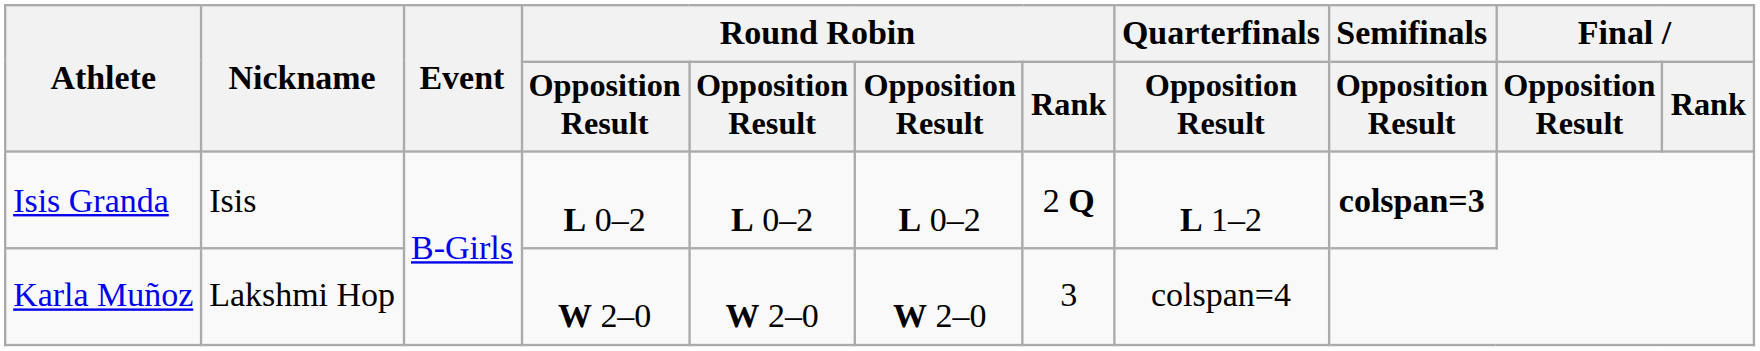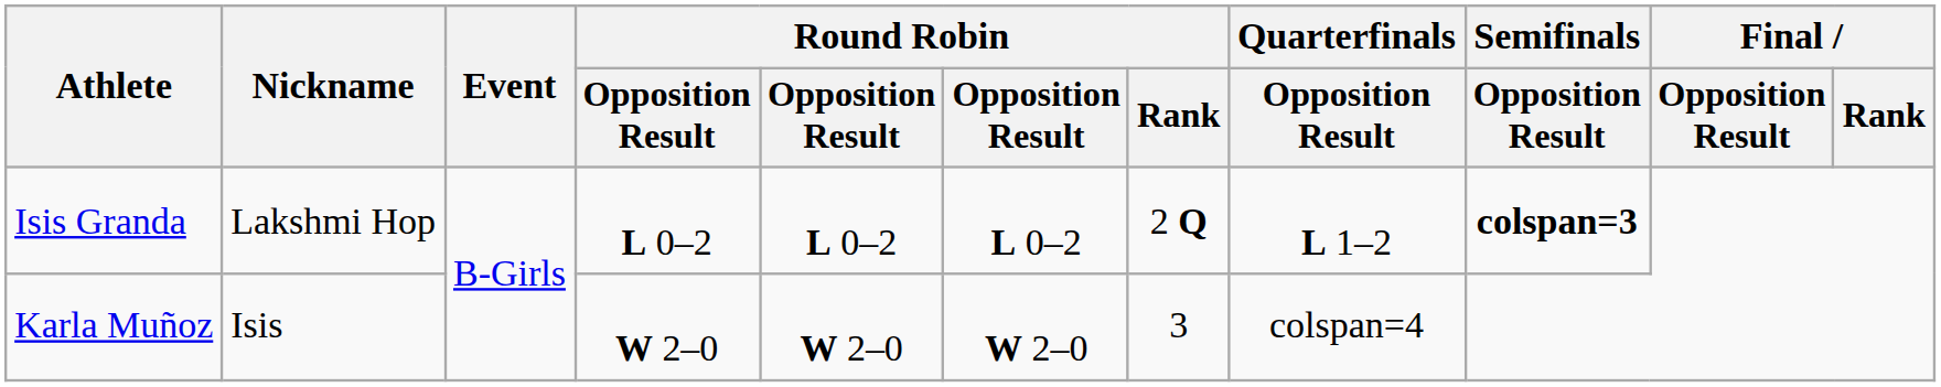 <table class=wikitable style=font-size:90%;text-align:center>
 <tr>
 <th rowspan=2>Athlete</th>
 <th rowspan=2>Nickname</th>
 <th rowspan=2>Event</th>
 <th colspan=4>Round Robin</th>
 <th>Quarterfinals</th>
 <th>Semifinals</th>
 <th colspan=2>Final / </th>
 </tr>
 <tr style=font-size:95%>
 <th>Opposition<br>Result</th>
 <th>Opposition<br>Result</th>
 <th>Opposition<br>Result</th>
 <th>Rank</th>
 <th>Opposition<br>Result</th>
 <th>Opposition<br>Result</th>
 <th>Opposition<br>Result</th>
 <th>Rank</th>
 </tr>
 <tr align=center>
 <td align=left><a href='#'>Isis Granda</a></td>
-<td align=left>Isis</td>
+<td align=left>Lakshmi Hop</td>
 <td align=left rowspan=2><a href='#'>B-Girls</a></td>
 <td><br><strong>L</strong> 0–2</td>
 <td><br><strong>L</strong> 0–2</td>
 <td><br><strong>L</strong> 0–2</td>
 <td>2 <strong>Q</strong></td>
 <td><br><strong>L</strong> 1–2</td>
 <td><strong>colspan=3 </strong></td>
 </tr>
 <tr align=center>
 <td align=left><a href='#'>Karla Muñoz</a></td>
-<td align=left>Lakshmi Hop</td>
+<td align=left>Isis</td>
 <td><br><strong>W</strong> 2–0</td>
 <td><br><strong>W</strong> 2–0</td>
 <td><br><strong>W</strong> 2–0</td>
 <td>3</td>
 <td>colspan=4 </td>
 </tr>
 </table>
